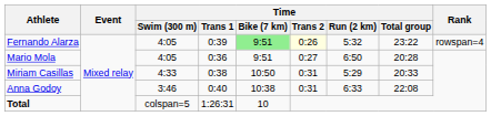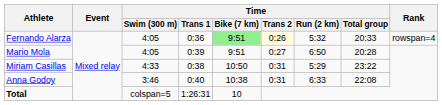 <table class="wikitable" style="font-size:90%;text-align:center;">
 <tr>
 <th rowspan=2>Athlete</th>
 <th rowspan=2>Event</th>
 <th colspan=6>Time</th>
 <th rowspan=2>Rank</th>
 </tr>
 <tr style="font-size:95%">
 <th>Swim (300 m)</th>
 <th>Trans 1</th>
 <th>Bike (7 km)</th>
 <th>Trans 2</th>
 <th>Run (2 km)</th>
 <th>Total group</th>
 </tr>
 <tr>
 <td align=left><a href='#'>Fernando Alarza</a></td>
 <td align=left rowspan=5><a href='#'>Mixed relay</a></td>
 <td>4:05</td>
-<td>0:39</td>
+<td>0:36</td>
 <td style="background: lightgreen;">9:51</td>
 <td style="background: lightyellow;">0:26</td>
 <td>5:32</td>
-<td>23:22</td>
+<td>20:33</td>
 <td>rowspan=4 </td>
 </tr>
 <tr>
 <td align=left><a href='#'>Mario Mola</a></td>
 <td>4:05</td>
-<td>0:36</td>
+<td>0:39</td>
 <td>9:51</td>
 <td>0:27</td>
 <td>6:50</td>
 <td>20:28</td>
 </tr>
 <tr>
 <td align=left><a href='#'>Miriam Casillas</a></td>
 <td>4:33</td>
 <td>0:38</td>
 <td>10:50</td>
 <td>0:31</td>
 <td>5:29</td>
-<td>20:33</td>
+<td>23:22</td>
 </tr>
 <tr>
 <td align=left><a href='#'>Anna Godoy</a></td>
 <td>3:46</td>
 <td>0:40</td>
 <td>10:38</td>
 <td>0:31</td>
 <td>6:33</td>
 <td>22:08</td>
 </tr>
 <tr>
 <td align=left><strong>Total</strong></td>
 <td>colspan=5 </td>
 <td>1:26:31</td>
 <td>10</td>
 </tr>
 </table>
